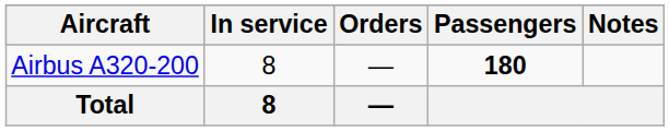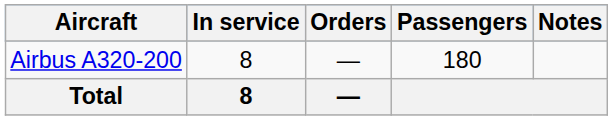 <table class="wikitable" style="margin:1em auto; border-collapse:collapse;text-align:center">
 <tr bgcolor=#75aadb>
 <th>Aircraft</th>
 <th>In service</th>
 <th>Orders</th>
 <th>Passengers</th>
 <th>Notes</th>
 </tr>
 <tr>
 <td><a href='#'>Airbus A320-200</a></td>
 <td>8</td>
 <td>—</td>
-<td><strong>180</strong></td>
+<td>180</td>
 <td></td>
 </tr>
 <tr>
 <th>Total</th>
 <th>8</th>
 <th>—</th>
 <th colspan="2"></th>
 </tr>
 </table>
